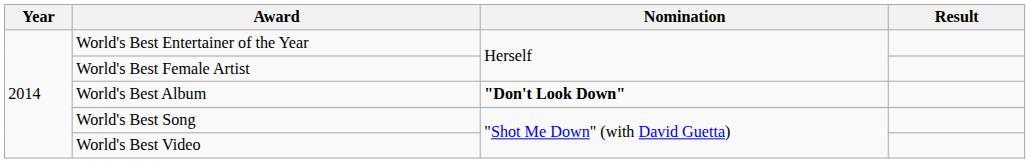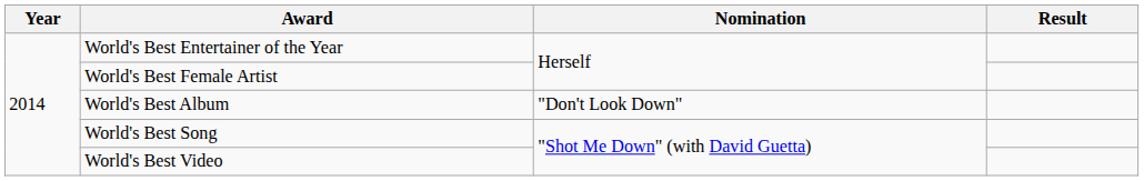 <table class="wikitable" style="width:80%;">
 <tr>
 <th width=5%>Year</th>
 <th style="width:30%;">Award</th>
 <th style="width:30%;">Nomination</th>
 <th style="width:10%;">Result</th>
 </tr>
 <tr>
 <td rowspan="5">2014</td>
 <td>World's Best Entertainer of the Year</td>
 <td rowspan="2">Herself</td>
 <td></td>
 </tr>
 <tr>
 <td>World's Best Female Artist</td>
 <td></td>
 </tr>
 <tr>
 <td>World's Best Album</td>
-<td><strong>"Don't Look Down"</strong></td>
+<td>"Don't Look Down"</td>
 <td></td>
 </tr>
 <tr>
 <td>World's Best Song</td>
 <td rowspan="2">"<a href='#'>Shot Me Down</a>" (with <a href='#'>David Guetta</a>)</td>
 <td></td>
 </tr>
 <tr>
 <td>World's Best Video</td>
 <td></td>
 </tr>
 </table>
